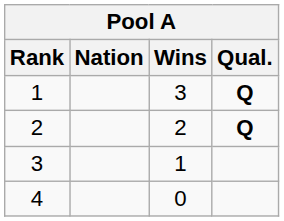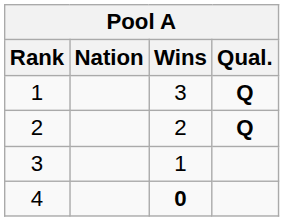 <table class="wikitable" style="text-align:center">
 <tr>
 <th colspan=4 align=center><strong>Pool A</strong></th>
 </tr>
 <tr>
 <th>Rank</th>
 <th>Nation</th>
 <th>Wins</th>
 <th>Qual.</th>
 </tr>
 <tr>
 <td>1</td>
 <td align=left></td>
 <td>3</td>
 <td><strong>Q</strong></td>
 </tr>
 <tr>
 <td>2</td>
 <td align=left></td>
 <td>2</td>
 <td><strong>Q</strong></td>
 </tr>
 <tr>
 <td>3</td>
 <td align=left></td>
 <td>1</td>
 <td></td>
 </tr>
 <tr>
 <td>4</td>
 <td align=left></td>
-<td>0</td>
+<td><strong>0</strong></td>
 <td></td>
 </tr>
 </table>
